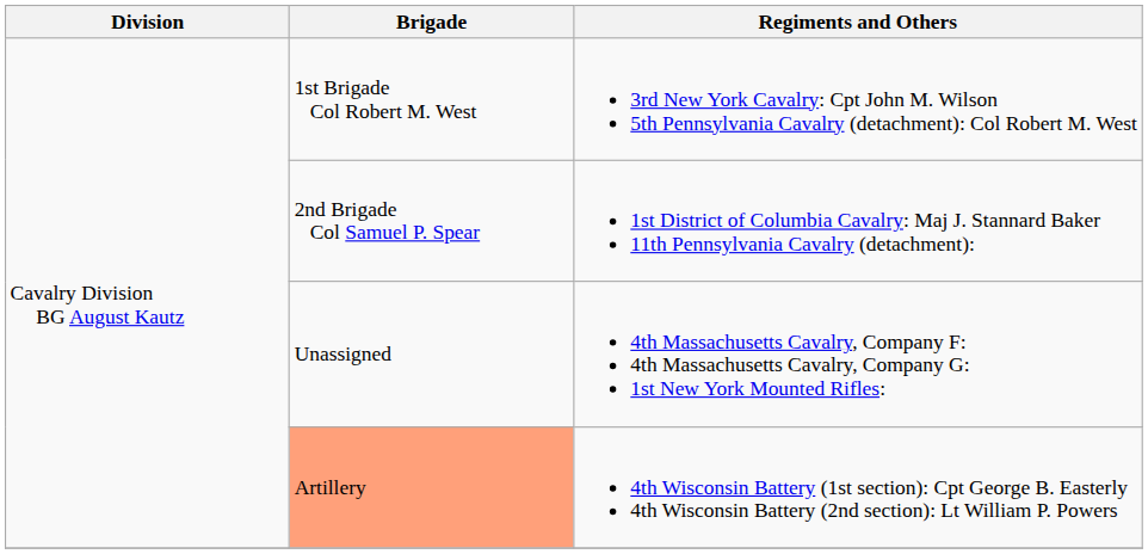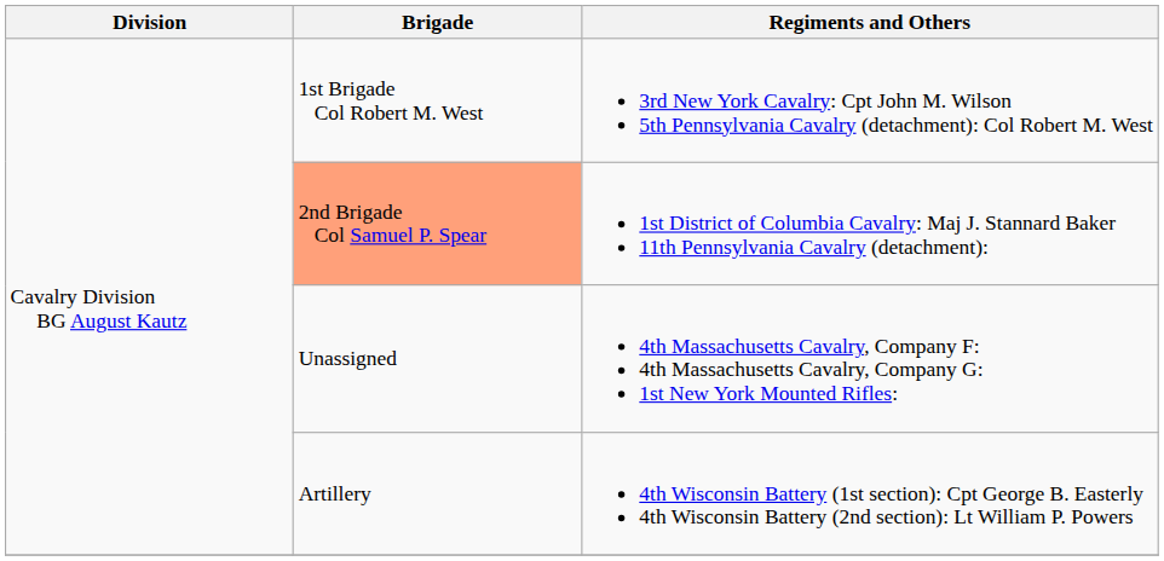 <table class="wikitable">
 <tr>
 <th width=25%>Division</th>
 <th width=25%>Brigade</th>
 <th>Regiments and Others</th>
 </tr>
 <tr>
 <td rowspan=4><br>Cavalry Division <br>     BG <a href='#'>August Kautz</a></td>
 <td>1st Brigade<br>   Col Robert M. West</td>
 <td><br><ul><li><a href='#'>3rd New York Cavalry</a>: Cpt John M. Wilson</li><li><a href='#'>5th Pennsylvania Cavalry</a> (detachment): Col Robert M. West</li></ul></td>
 </tr>
 <tr>
-<td>2nd Brigade<br>   Col <a href='#'>Samuel P. Spear</a></td>
+<td style="background: lightsalmon;">2nd Brigade<br>   Col <a href='#'>Samuel P. Spear</a></td>
 <td><br><ul><li><a href='#'>1st District of Columbia Cavalry</a>: Maj J. Stannard Baker</li><li><a href='#'>11th Pennsylvania Cavalry</a> (detachment):</li></ul></td>
 </tr>
 <tr>
 <td>Unassigned</td>
 <td><br><ul><li><a href='#'>4th Massachusetts Cavalry</a>, Company F:</li><li>4th Massachusetts Cavalry, Company G:</li><li><a href='#'>1st New York Mounted Rifles</a>:</li></ul></td>
 </tr>
 <tr>
-<td style="background: lightsalmon;">Artillery</td>
+<td>Artillery</td>
 <td><br><ul><li><a href='#'>4th Wisconsin Battery</a> (1st section): Cpt George B. Easterly</li><li>4th Wisconsin Battery (2nd section): Lt William P. Powers</li></ul></td>
 </tr>
 <tr>
 </tr>
 </table>
